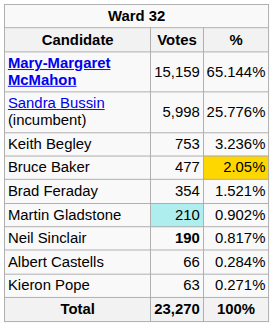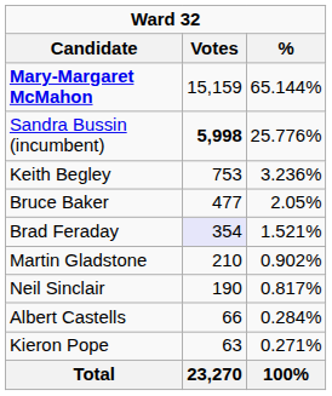 <table class="wikitable">
 <tr>
 <td Colspan="3" align="center"><strong>Ward 32</strong></td>
 </tr>
 <tr>
 <th bgcolor="#DDDDFF" width="150px">Candidate</th>
 <th bgcolor="#DDDDFF">Votes</th>
 <th bgcolor="#DDDDFF">%</th>
 </tr>
 <tr>
 <td><strong><a href='#'>Mary-Margaret McMahon</a></strong></td>
 <td align=right>15,159</td>
 <td align=right>65.144%</td>
 </tr>
 <tr>
 <td><a href='#'>Sandra Bussin</a> (incumbent)</td>
-<td align=right>5,998</td>
+<td align=right><strong>5,998</strong></td>
 <td align=right>25.776%</td>
 </tr>
 <tr>
 <td>Keith Begley</td>
 <td align=right>753</td>
 <td align=right>3.236%</td>
 </tr>
 <tr>
 <td>Bruce Baker</td>
 <td align=right>477</td>
-<td align=right style="background: gold;">2.05%</td>
+<td align=right>2.05%</td>
 </tr>
 <tr>
 <td>Brad Feraday</td>
-<td align=right>354</td>
+<td align=right style="background: lavender;">354</td>
 <td align=right>1.521%</td>
 </tr>
 <tr>
 <td>Martin Gladstone</td>
-<td align=right style="background: paleturquoise;">210</td>
+<td align=right>210</td>
 <td align=right>0.902%</td>
 </tr>
 <tr>
 <td>Neil Sinclair</td>
-<td align=right><strong>190</strong></td>
+<td align=right>190</td>
 <td align=right>0.817%</td>
 </tr>
 <tr>
 <td>Albert Castells</td>
 <td align=right>66</td>
 <td align=right>0.284%</td>
 </tr>
 <tr>
 <td>Kieron Pope</td>
 <td align=right>63</td>
 <td align=right>0.271%</td>
 </tr>
 <tr>
 <th>Total</th>
 <th align=right>23,270</th>
 <th align=right>100%</th>
 </tr>
 </table>
